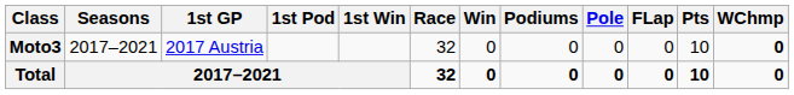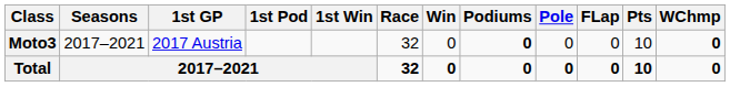 <table class="wikitable" style=text-align:right>
 <tr>
 <th>Class</th>
 <th>Seasons</th>
 <th>1st GP</th>
 <th>1st Pod</th>
 <th>1st Win</th>
 <th>Race</th>
 <th>Win</th>
 <th>Podiums</th>
 <th><a href='#'>Pole</a></th>
 <th>FLap</th>
 <th>Pts</th>
 <th>WChmp</th>
 </tr>
 <tr>
 <th>Moto3</th>
 <td>2017–2021</td>
 <td align="left"><a href='#'>2017 Austria</a></td>
 <td align="left"></td>
 <td align="left"></td>
 <td>32</td>
 <td>0</td>
-<td>0</td>
+<td><strong>0</strong></td>
 <td>0</td>
 <td>0</td>
 <td>10</td>
 <td><strong>0</strong></td>
 </tr>
 <tr>
 <th>Total</th>
 <th colspan=4>2017–2021</th>
 <td><strong>32</strong></td>
 <td><strong>0</strong></td>
 <td><strong>0</strong></td>
 <td><strong>0</strong></td>
 <td><strong>0</strong></td>
 <td><strong>10</strong></td>
 <td><strong>0</strong></td>
 </tr>
 </table>
